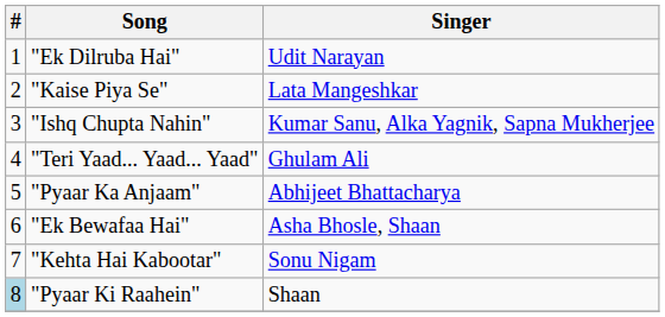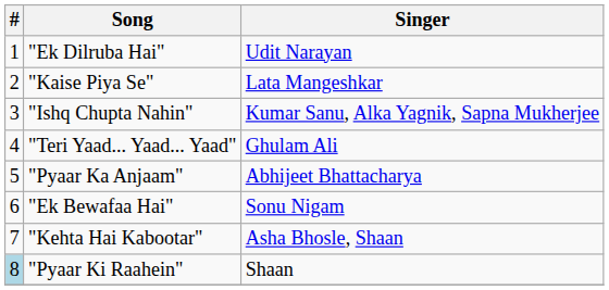 <table class="wikitable sortable">
 <tr>
 <th>#</th>
 <th>Song</th>
 <th>Singer</th>
 </tr>
 <tr>
 <td>1</td>
 <td>"Ek Dilruba Hai"</td>
 <td><a href='#'>Udit Narayan</a></td>
 </tr>
 <tr>
 <td>2</td>
 <td>"Kaise Piya Se"</td>
 <td><a href='#'>Lata Mangeshkar</a></td>
 </tr>
 <tr>
 <td>3</td>
 <td>"Ishq Chupta Nahin"</td>
 <td><a href='#'>Kumar Sanu</a>, <a href='#'>Alka Yagnik</a>, <a href='#'>Sapna Mukherjee</a></td>
 </tr>
 <tr>
 <td>4</td>
 <td>"Teri Yaad... Yaad... Yaad"</td>
 <td><a href='#'>Ghulam Ali</a></td>
 </tr>
 <tr>
 <td>5</td>
 <td>"Pyaar Ka Anjaam"</td>
 <td><a href='#'>Abhijeet Bhattacharya</a></td>
 </tr>
 <tr>
 <td>6</td>
 <td>"Ek Bewafaa Hai"</td>
-<td><a href='#'>Asha Bhosle</a>, <a href='#'>Shaan</a></td>
+<td><a href='#'>Sonu Nigam</a></td>
 </tr>
 <tr>
 <td>7</td>
 <td>"Kehta Hai Kabootar"</td>
-<td><a href='#'>Sonu Nigam</a></td>
+<td><a href='#'>Asha Bhosle</a>, <a href='#'>Shaan</a></td>
 </tr>
 <tr>
 <td style="background: lightblue;">8</td>
 <td>"Pyaar Ki Raahein"</td>
 <td>Shaan</td>
 </tr>
 <tr>
 </tr>
 </table>
